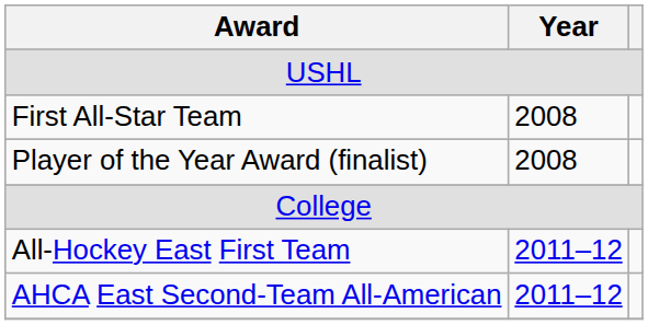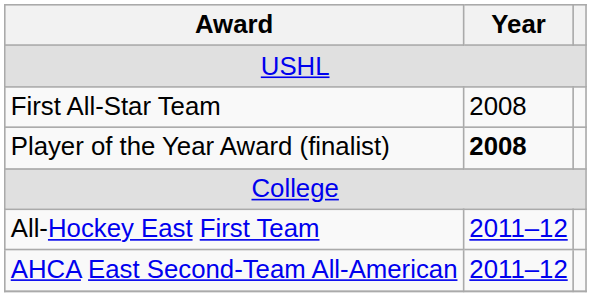 <table class="wikitable">
 <tr>
 <th>Award</th>
 <th>Year</th>
 <th></th>
 </tr>
 <tr ALIGN="center" bgcolor="#e0e0e0">
 <td colspan="3"><a href='#'>USHL</a></td>
 </tr>
 <tr>
 <td>First All-Star Team</td>
 <td>2008</td>
 <td></td>
 </tr>
 <tr>
 <td>Player of the Year Award (finalist)</td>
-<td>2008</td>
+<td><strong>2008</strong></td>
 <td></td>
 </tr>
 <tr ALIGN="center" bgcolor="#e0e0e0">
 <td colspan="3"><a href='#'>College</a></td>
 </tr>
 <tr>
 <td>All-<a href='#'>Hockey East</a> <a href='#'>First Team</a></td>
 <td><a href='#'>2011–12</a></td>
 <td></td>
 </tr>
 <tr>
 <td><a href='#'>AHCA</a> <a href='#'>East Second-Team All-American</a></td>
 <td><a href='#'>2011–12</a></td>
 <td></td>
 </tr>
 <tr>
 </tr>
 </table>
